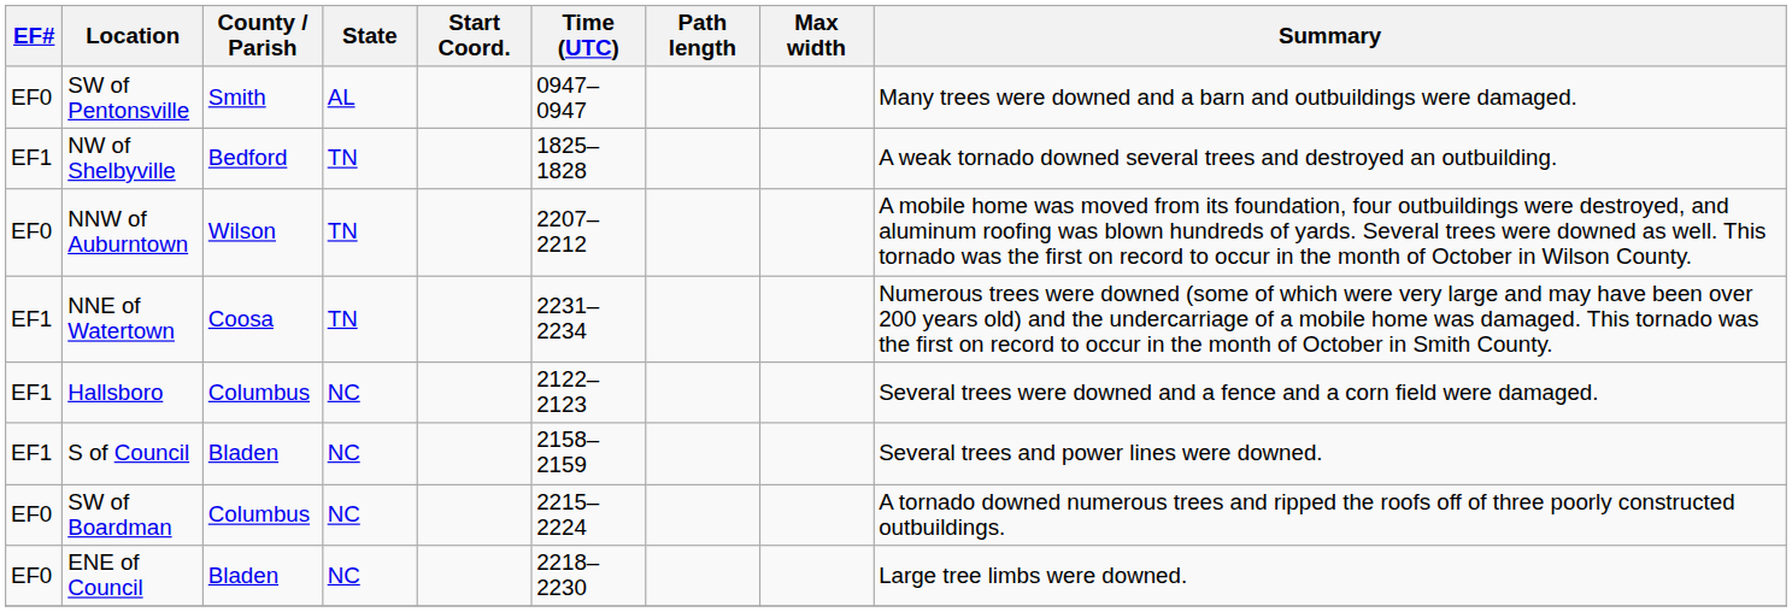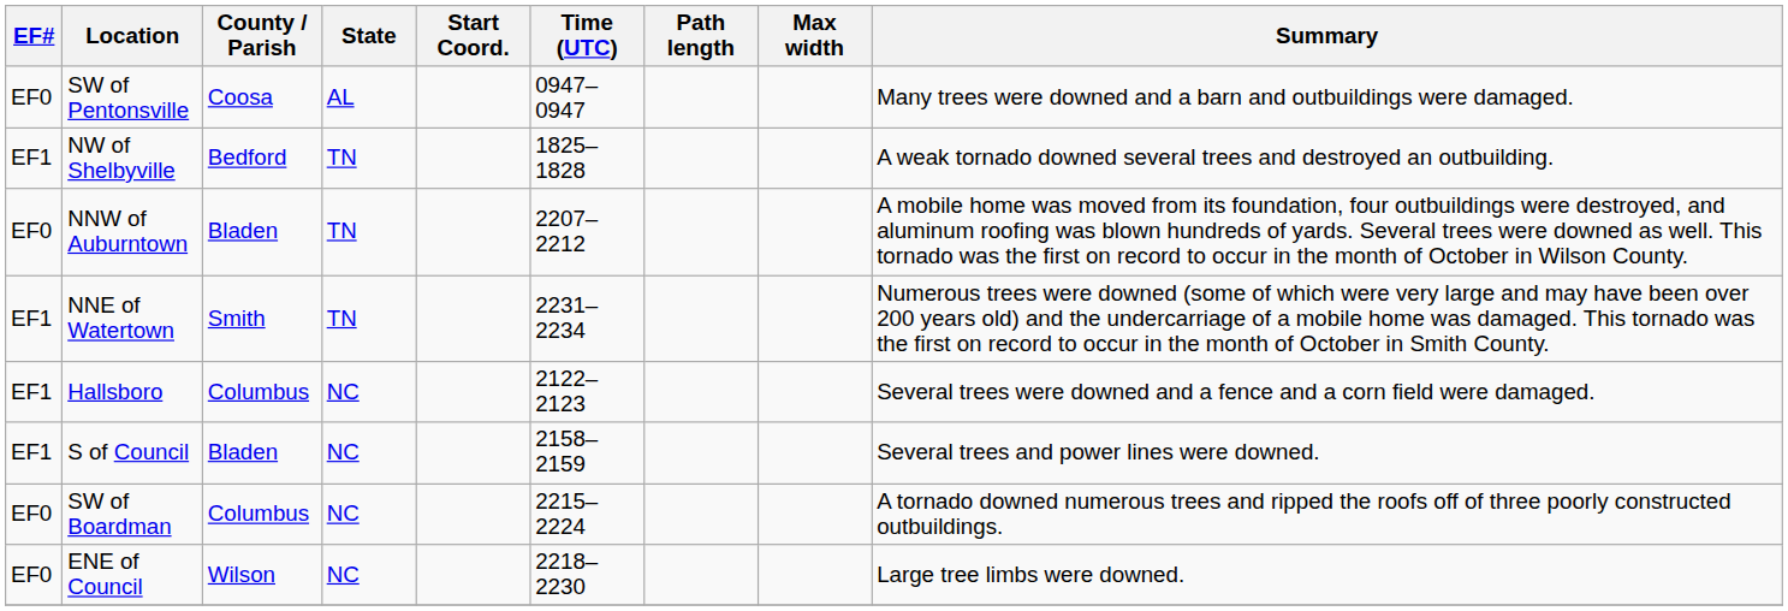 <table class="wikitable sortable" style="width:100%;">
 <tr>
 <th scope="col" width="3%" align="center"><a href='#'>EF#</a></th>
 <th scope="col" width="7%" align="center" class="unsortable">Location</th>
 <th scope="col" width="6%" align="center" class="unsortable">County / Parish</th>
 <th scope="col" width="5%" align="center">State</th>
 <th scope="col" width="6%" align="center">Start Coord.</th>
 <th scope="col" width="6%" align="center">Time (<a href='#'>UTC</a>)</th>
 <th scope="col" width="6%" align="center">Path length</th>
 <th scope="col" width="6%" align="center">Max width</th>
 <th scope="col" width="48%" class="unsortable" align="center">Summary</th>
 </tr>
 <tr>
 <td>EF0</td>
 <td>SW of <a href='#'>Pentonsville</a></td>
-<td><a href='#'>Smith</a></td>
+<td><a href='#'>Coosa</a></td>
 <td><a href='#'>AL</a></td>
 <td></td>
 <td>0947–0947</td>
 <td></td>
 <td></td>
 <td>Many trees were downed and a barn and outbuildings were damaged.</td>
 </tr>
 <tr>
 <td>EF1</td>
 <td>NW of <a href='#'>Shelbyville</a></td>
 <td><a href='#'>Bedford</a></td>
 <td><a href='#'>TN</a></td>
 <td></td>
 <td>1825–1828</td>
 <td></td>
 <td></td>
 <td>A weak tornado downed several trees and destroyed an outbuilding.</td>
 </tr>
 <tr>
 <td>EF0</td>
 <td>NNW of <a href='#'>Auburntown</a></td>
-<td><a href='#'>Wilson</a></td>
+<td><a href='#'>Bladen</a></td>
 <td><a href='#'>TN</a></td>
 <td></td>
 <td>2207–2212</td>
 <td></td>
 <td></td>
 <td>A mobile home was moved from its foundation, four outbuildings were destroyed, and aluminum roofing was blown hundreds of yards. Several trees were downed as well. This tornado was the first on record to occur in the month of October in Wilson County.</td>
 </tr>
 <tr>
 <td>EF1</td>
 <td>NNE of <a href='#'>Watertown</a></td>
-<td><a href='#'>Coosa</a></td>
+<td><a href='#'>Smith</a></td>
 <td><a href='#'>TN</a></td>
 <td></td>
 <td>2231–2234</td>
 <td></td>
 <td></td>
 <td>Numerous trees were downed (some of which were very large and may have been over 200 years old) and the undercarriage of a mobile home was damaged. This tornado was the first on record to occur in the month of October in Smith County.</td>
 </tr>
 <tr>
 <td>EF1</td>
 <td><a href='#'>Hallsboro</a></td>
 <td><a href='#'>Columbus</a></td>
 <td><a href='#'>NC</a></td>
 <td></td>
 <td>2122–2123</td>
 <td></td>
 <td></td>
 <td>Several trees were downed and a fence and a corn field were damaged.</td>
 </tr>
 <tr>
 <td>EF1</td>
 <td>S of <a href='#'>Council</a></td>
 <td><a href='#'>Bladen</a></td>
 <td><a href='#'>NC</a></td>
 <td></td>
 <td>2158–2159</td>
 <td></td>
 <td></td>
 <td>Several trees and power lines were downed.</td>
 </tr>
 <tr>
 <td>EF0</td>
 <td>SW of <a href='#'>Boardman</a></td>
 <td><a href='#'>Columbus</a></td>
 <td><a href='#'>NC</a></td>
 <td></td>
 <td>2215–2224</td>
 <td></td>
 <td></td>
 <td>A tornado downed numerous trees and ripped the roofs off of three poorly constructed outbuildings.</td>
 </tr>
 <tr>
 <td>EF0</td>
 <td>ENE of <a href='#'>Council</a></td>
-<td><a href='#'>Bladen</a></td>
+<td><a href='#'>Wilson</a></td>
 <td><a href='#'>NC</a></td>
 <td></td>
 <td>2218–2230</td>
 <td></td>
 <td></td>
 <td>Large tree limbs were downed.</td>
 </tr>
 <tr>
 </tr>
 </table>
